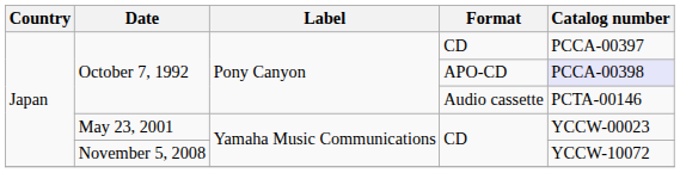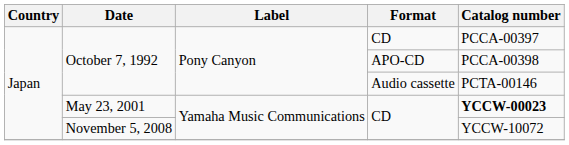 <table class="wikitable">
 <tr>
 <th>Country</th>
 <th>Date</th>
 <th>Label</th>
 <th>Format</th>
 <th>Catalog number</th>
 </tr>
 <tr>
 <td rowspan="5">Japan</td>
 <td rowspan="3">October 7, 1992</td>
 <td rowspan="3">Pony Canyon</td>
 <td>CD</td>
 <td>PCCA-00397</td>
 </tr>
 <tr>
 <td>APO-CD</td>
-<td style="background: lavender;">PCCA-00398</td>
+<td>PCCA-00398</td>
 </tr>
 <tr>
 <td>Audio cassette</td>
 <td>PCTA-00146</td>
 </tr>
 <tr>
 <td>May 23, 2001</td>
 <td rowspan="2">Yamaha Music Communications</td>
 <td rowspan="2">CD</td>
-<td>YCCW-00023</td>
+<td><strong>YCCW-00023</strong></td>
 </tr>
 <tr>
 <td>November 5, 2008</td>
 <td>YCCW-10072</td>
 </tr>
 <tr>
 </tr>
 </table>
